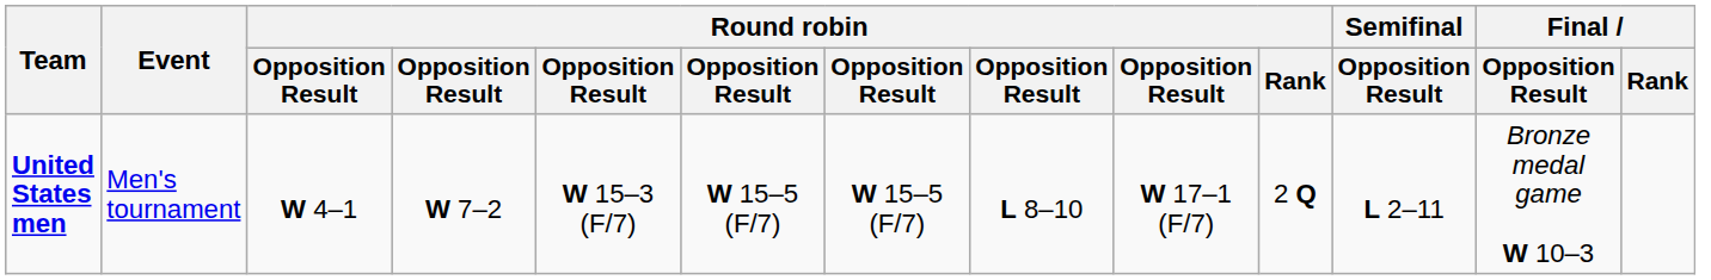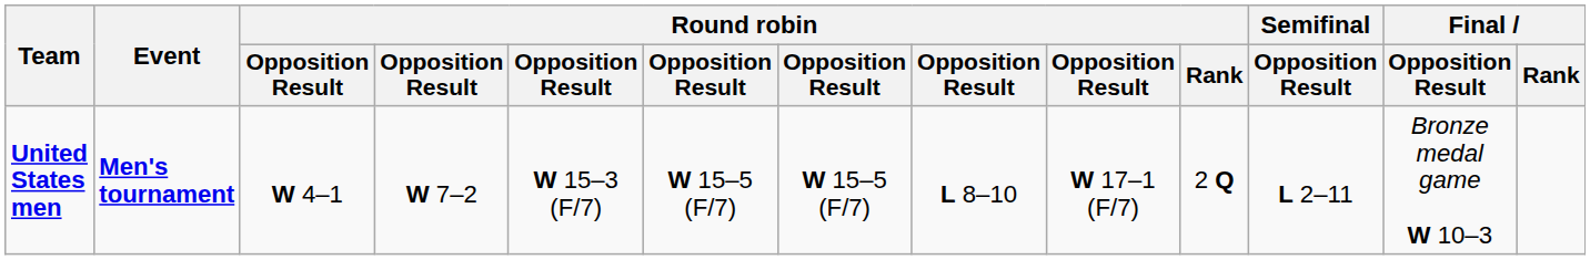 <table class=wikitable style=font-size:90%;text-align:center>
 <tr>
 <th rowspan=2>Team</th>
 <th rowspan=2>Event</th>
 <th colspan=8>Round robin</th>
 <th>Semifinal</th>
 <th colspan=2>Final / </th>
 </tr>
 <tr style=font-size:95%>
 <th>Opposition<br>Result</th>
 <th>Opposition<br>Result</th>
 <th>Opposition<br>Result</th>
 <th>Opposition<br>Result</th>
 <th>Opposition<br>Result</th>
 <th>Opposition<br>Result</th>
 <th>Opposition<br>Result</th>
 <th>Rank</th>
 <th>Opposition<br>Result</th>
 <th>Opposition<br>Result</th>
 <th>Rank</th>
 </tr>
 <tr>
 <td align=left><strong><a href='#'>United States men</a></strong></td>
-<td align=left><a href='#'>Men's tournament</a></td>
+<td align=left><strong><a href='#'>Men's tournament</a></strong></td>
 <td><br><strong>W</strong> 4–1</td>
 <td><br><strong>W</strong> 7–2</td>
 <td><br><strong>W</strong> 15–3 (F/7)</td>
 <td><br><strong>W</strong> 15–5 (F/7)</td>
 <td><br><strong>W</strong> 15–5 (F/7)</td>
 <td><br><strong>L</strong> 8–10</td>
 <td><br><strong>W</strong> 17–1 (F/7)</td>
 <td>2 <strong>Q</strong></td>
 <td><br><strong>L</strong> 2–11</td>
 <td><em>Bronze medal game</em><br><br><strong>W</strong> 10–3</td>
 <td></td>
 </tr>
 </table>
